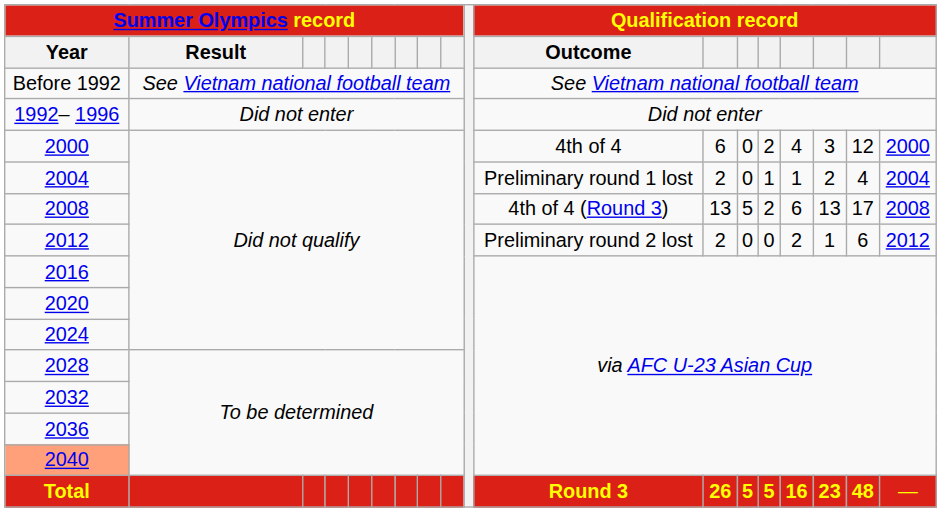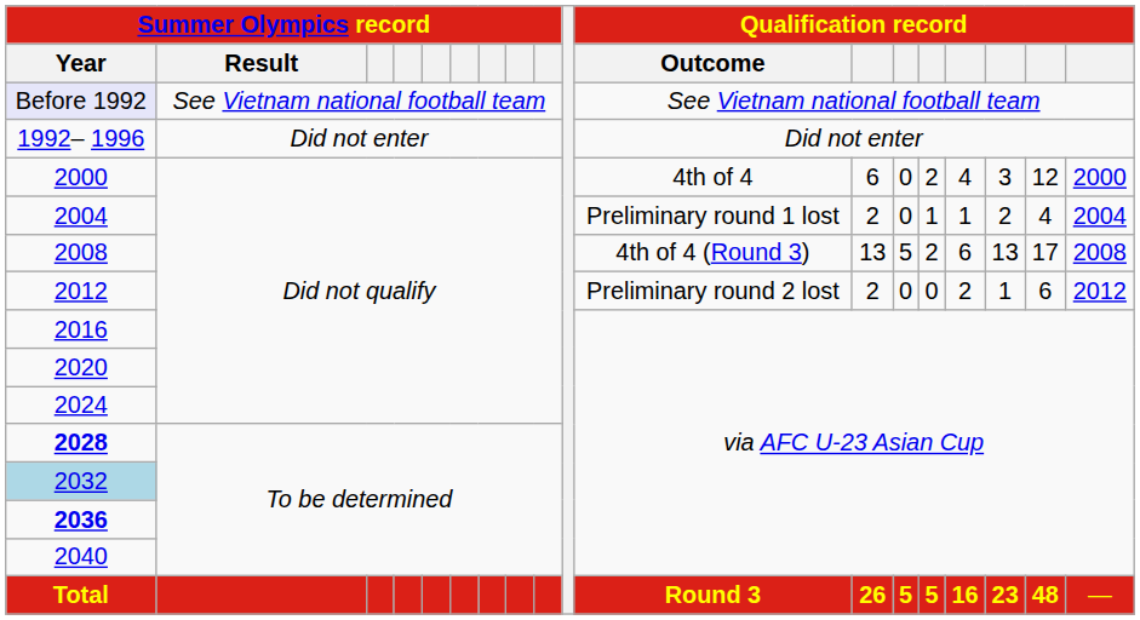 <table class="wikitable" style="text-align: center;font-size:90%;">
 <tr>
 <th colspan="9" style="background: #DB2017; color: #FFFF00;"><a href='#'>Summer Olympics</a> record</th>
 <th style="width:1%;" rowspan="16"></th>
 <th colspan="8" style="background: #DB2017; color: #FFFF00;">Qualification record</th>
 </tr>
 <tr>
 <th>Year</th>
 <th>Result</th>
 <th></th>
 <th></th>
 <th></th>
 <th></th>
 <th></th>
 <th></th>
 <th></th>
 <th>Outcome</th>
 <th></th>
 <th></th>
 <th></th>
 <th></th>
 <th></th>
 <th></th>
 <th></th>
 </tr>
 <tr>
-<td>Before 1992</td>
+<td style="background: lavender;">Before 1992</td>
 <td colspan="8"><em>See  <a href='#'>Vietnam national football team</a></em></td>
 <td colspan="8"><em>See  <a href='#'>Vietnam national football team</a></em></td>
 </tr>
 <tr>
 <td> <a href='#'>1992</a>– <a href='#'>1996</a></td>
 <td colspan="8"><em>Did not enter</em></td>
 <td colspan="8"><em>Did not enter</em></td>
 </tr>
 <tr>
 <td> <a href='#'>2000</a></td>
 <td colspan="8" rowspan="7"><em>Did not qualify</em></td>
 <td>4th of 4</td>
 <td>6</td>
 <td>0</td>
 <td>2</td>
 <td>4</td>
 <td>3</td>
 <td>12</td>
 <td><a href='#'>2000</a></td>
 </tr>
 <tr>
 <td> <a href='#'>2004</a></td>
 <td>Preliminary round 1 lost</td>
 <td>2</td>
 <td>0</td>
 <td>1</td>
 <td>1</td>
 <td>2</td>
 <td>4</td>
 <td><a href='#'>2004</a></td>
 </tr>
 <tr>
 <td> <a href='#'>2008</a></td>
 <td>4th of 4 (<a href='#'>Round 3</a>)</td>
 <td>13</td>
 <td>5</td>
 <td>2</td>
 <td>6</td>
 <td>13</td>
 <td>17</td>
 <td><a href='#'>2008</a></td>
 </tr>
 <tr>
 <td> <a href='#'>2012</a></td>
 <td>Preliminary round 2 lost</td>
 <td>2</td>
 <td>0</td>
 <td>0</td>
 <td>2</td>
 <td>1</td>
 <td>6</td>
 <td><a href='#'>2012</a></td>
 </tr>
 <tr>
 <td> <a href='#'>2016</a></td>
 <td colspan="8" rowspan="7"><em>via <a href='#'>AFC U-23 Asian Cup</a></em></td>
 </tr>
 <tr>
 <td> <a href='#'>2020</a></td>
 </tr>
 <tr>
 <td> <a href='#'>2024</a></td>
 </tr>
 <tr>
-<td> <a href='#'>2028</a></td>
+<td><strong> <a href='#'>2028</a></strong></td>
 <td colspan="8" rowspan="4"><em>To be determined</em></td>
 </tr>
 <tr>
-<td> <a href='#'>2032</a></td>
+<td style="background: lightblue;"> <a href='#'>2032</a></td>
 </tr>
 <tr>
-<td> <a href='#'>2036</a></td>
+<td><strong> <a href='#'>2036</a></strong></td>
 </tr>
 <tr>
-<td style="background: lightsalmon;"> <a href='#'>2040</a></td>
+<td> <a href='#'>2040</a></td>
 </tr>
 <tr>
 <td colspan="1" style="background: #DB2017; color: #FFFF00;"><strong>Total</strong></td>
 <td style="background: #DB2017; color: #FFFF00;"></td>
 <td style="background: #DB2017; color: #FFFF00;"><strong></strong></td>
 <td style="background: #DB2017; color: #FFFF00;"></td>
 <td style="background: #DB2017; color: #FFFF00;"></td>
 <td style="background: #DB2017; color: #FFFF00;"></td>
 <td style="background: #DB2017; color: #FFFF00;"></td>
 <td style="background: #DB2017; color: #FFFF00;"></td>
 <td style="background: #DB2017; color: #FFFF00;"></td>
 <td style="background: #DB2017; color: #FFFF00;"><strong>Round 3</strong></td>
 <td style="background: #DB2017; color: #FFFF00;"><strong>26</strong></td>
 <td style="background: #DB2017; color: #FFFF00;"><strong>5</strong></td>
 <td style="background: #DB2017; color: #FFFF00;"><strong>5</strong></td>
 <td style="background: #DB2017; color: #FFFF00;"><strong>16</strong></td>
 <td style="background: #DB2017; color: #FFFF00;"><strong>23</strong></td>
 <td style="background: #DB2017; color: #FFFF00;"><strong>48</strong></td>
 <td style="background: #DB2017; color: #FFFF00;">—</td>
 </tr>
 </table>
